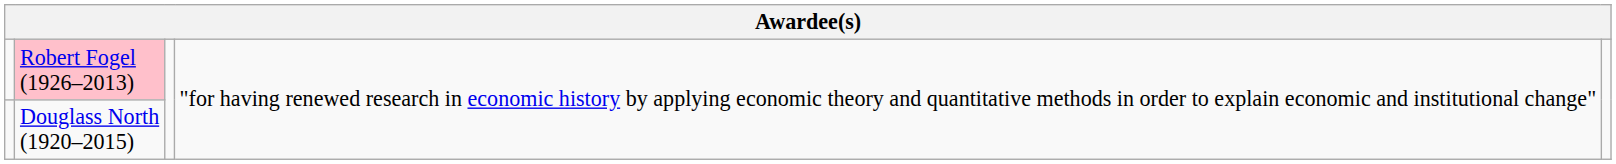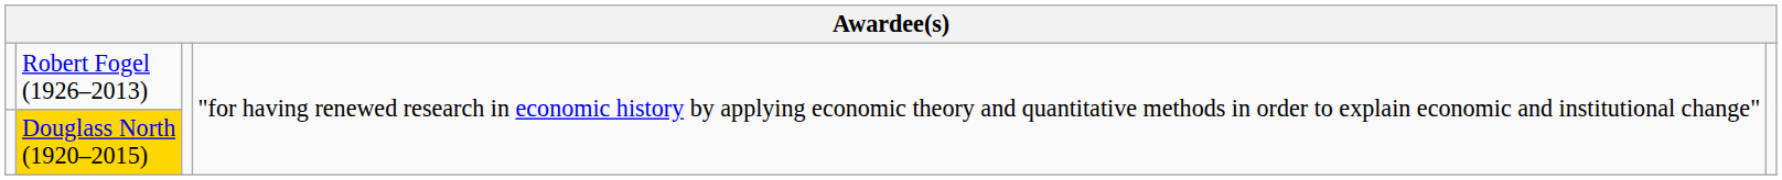 <table class="wikitable">
 <tr>
 <th colspan="5">Awardee(s)</th>
 </tr>
 <tr>
 <td></td>
-<td style="background: pink;"><a href='#'>Robert Fogel</a><br>(1926–2013)</td>
+<td><a href='#'>Robert Fogel</a><br>(1926–2013)</td>
 <td rowspan="2"></td>
 <td rowspan="2">"for having renewed research in <a href='#'>economic history</a> by applying economic theory and quantitative methods in order to explain economic and institutional change"</td>
 <td rowspan="2"></td>
 </tr>
 <tr>
 <td></td>
-<td><a href='#'>Douglass North</a><br>(1920–2015)</td>
+<td style="background: gold;"><a href='#'>Douglass North</a><br>(1920–2015)</td>
 </tr>
 </table>
